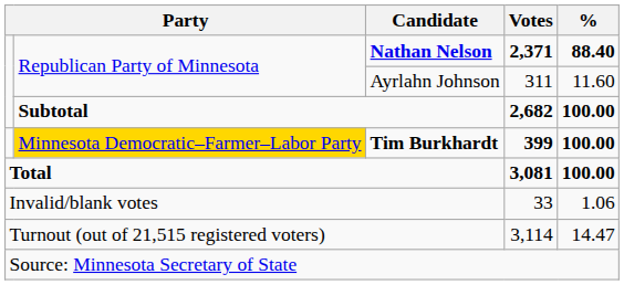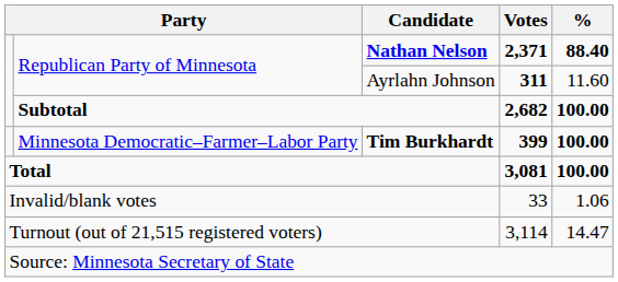 <table class="wikitable">
 <tr>
 <th colspan="2">Party</th>
 <th>Candidate</th>
 <th>Votes</th>
 <th>%</th>
 </tr>
 <tr>
 <td rowspan="3" style="background-color:"></td>
 <td rowspan="2"><a href='#'>Republican Party of Minnesota</a></td>
 <td><strong><a href='#'>Nathan Nelson</a></strong></td>
 <td style="font-weight:bold" align="right">2,371</td>
 <td style="font-weight:bold" align="right">88.40</td>
 </tr>
 <tr>
 <td>Ayrlahn Johnson</td>
-<td align="right">311</td>
+<td align="right"><strong>311</strong></td>
 <td align="right">11.60</td>
 </tr>
 <tr>
 <td colspan="2"><strong>Subtotal</strong></td>
 <td style="font-weight:bold" align="right">2,682</td>
 <td style="font-weight:bold" align="right">100.00</td>
 </tr>
 <tr>
 <td style="background-color:"></td>
-<td style="background: gold;"><a href='#'>Minnesota Democratic–Farmer–Labor Party</a></td>
+<td><a href='#'>Minnesota Democratic–Farmer–Labor Party</a></td>
 <td><strong>Tim Burkhardt</strong></td>
 <td style="font-weight:bold" align="right">399</td>
 <td style="font-weight:bold" align="right">100.00</td>
 </tr>
 <tr>
 <td colspan="3"><strong>Total</strong></td>
 <td style="font-weight:bold" align="right">3,081</td>
 <td style="font-weight:bold" align="right">100.00</td>
 </tr>
 <tr>
 <td colspan="3">Invalid/blank votes</td>
 <td align="right">33</td>
 <td align="right">1.06</td>
 </tr>
 <tr>
 <td colspan="3">Turnout (out of 21,515 registered voters)</td>
 <td align="right">3,114</td>
 <td align="right">14.47</td>
 </tr>
 <tr>
 <td colspan="5">Source: <a href='#'>Minnesota Secretary of State</a></td>
 </tr>
 </table>
